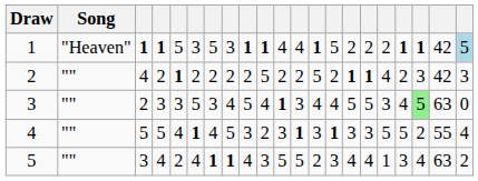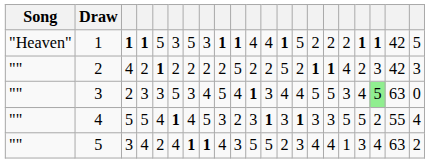 <table class="wikitable collapsible plainrowheaders" style="margin: 1em auto 1em auto; text-align:center;">
 <tr>
+<th>Song</th>
 <th>Draw</th>
-<th>Song</th>
 <th></th>
 <th></th>
 <th></th>
 <th></th>
 <th></th>
 <th></th>
 <th></th>
 <th></th>
 <th></th>
 <th></th>
 <th></th>
 <th></th>
 <th></th>
 <th></th>
 <th></th>
 <th></th>
 <th></th>
 <th></th>
 <th></th>
 </tr>
 <tr>
+<td align="left">"Heaven"</td>
 <td scope="row" style="text-align:center;">1</td>
-<td align="left">"Heaven"</td>
 <td><strong>1</strong></td>
 <td><strong>1</strong></td>
 <td>5</td>
 <td>3</td>
 <td>5</td>
 <td>3</td>
 <td><strong>1</strong></td>
 <td><strong>1</strong></td>
 <td>4</td>
 <td>4</td>
 <td><strong>1</strong></td>
 <td>5</td>
 <td>2</td>
 <td>2</td>
 <td>2</td>
 <td><strong>1</strong></td>
 <td><strong>1</strong></td>
 <td>42</td>
-<td style="background: lightblue;">5</td>
+<td>5</td>
 </tr>
 <tr>
+<td align="left">""</td>
 <td scope="row" style="text-align:center;">2</td>
-<td align="left">""</td>
 <td>4</td>
 <td>2</td>
 <td><strong>1</strong></td>
 <td>2</td>
 <td>2</td>
 <td>2</td>
 <td>2</td>
 <td>5</td>
 <td>2</td>
 <td>2</td>
 <td>5</td>
 <td>2</td>
 <td><strong>1</strong></td>
 <td><strong>1</strong></td>
 <td>4</td>
 <td>2</td>
 <td>3</td>
 <td>42</td>
 <td>3</td>
 </tr>
 <tr>
+<td align="left">""</td>
 <td scope="row" style="text-align:center;">3</td>
-<td align="left">""</td>
 <td>2</td>
 <td>3</td>
 <td>3</td>
 <td>5</td>
 <td>3</td>
 <td>4</td>
 <td>5</td>
 <td>4</td>
 <td><strong>1</strong></td>
 <td>3</td>
 <td>4</td>
 <td>4</td>
 <td>5</td>
 <td>5</td>
 <td>3</td>
 <td>4</td>
 <td style="background: lightgreen;">5</td>
 <td>63</td>
 <td>0</td>
 </tr>
 <tr>
+<td align="left">""</td>
 <td scope="row" style="text-align:center;">4</td>
-<td align="left">""</td>
 <td>5</td>
 <td>5</td>
 <td>4</td>
 <td><strong>1</strong></td>
 <td>4</td>
 <td>5</td>
 <td>3</td>
 <td>2</td>
 <td>3</td>
 <td><strong>1</strong></td>
 <td>3</td>
 <td><strong>1</strong></td>
 <td>3</td>
 <td>3</td>
 <td>5</td>
 <td>5</td>
 <td>2</td>
 <td>55</td>
 <td>4</td>
 </tr>
 <tr>
+<td align="left">""</td>
 <td scope="row" style="text-align:center;">5</td>
-<td align="left">""</td>
 <td>3</td>
 <td>4</td>
 <td>2</td>
 <td>4</td>
 <td><strong>1</strong></td>
 <td><strong>1</strong></td>
 <td>4</td>
 <td>3</td>
 <td>5</td>
 <td>5</td>
 <td>2</td>
 <td>3</td>
 <td>4</td>
 <td>4</td>
 <td>1</td>
 <td>3</td>
 <td>4</td>
 <td>63</td>
 <td>2</td>
 </tr>
 </table>
